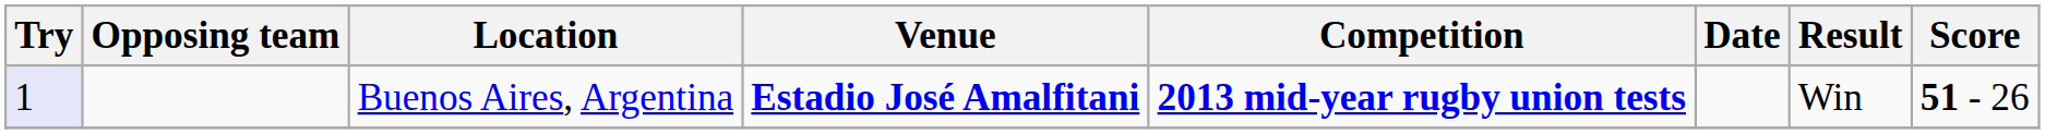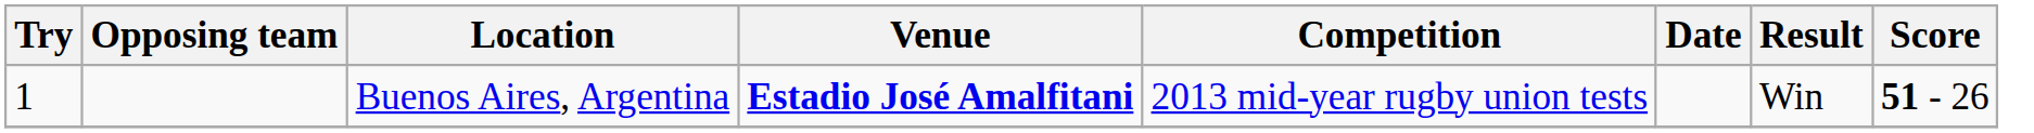 <table class="wikitable" style="font-size:100%">
 <tr>
 <th>Try</th>
 <th>Opposing team</th>
 <th>Location</th>
 <th>Venue</th>
 <th>Competition</th>
 <th>Date</th>
 <th>Result</th>
 <th>Score</th>
 </tr>
 <tr>
-<td style="background: lavender;">1</td>
+<td>1</td>
 <td></td>
 <td><a href='#'>Buenos Aires</a>, <a href='#'>Argentina</a></td>
 <td><strong><a href='#'>Estadio José Amalfitani</a></strong></td>
-<td><strong><a href='#'>2013 mid-year rugby union tests</a></strong></td>
+<td><a href='#'>2013 mid-year rugby union tests</a></td>
 <td></td>
 <td>Win</td>
 <td><strong>51</strong> - 26</td>
 </tr>
 <tr>
 </tr>
 </table>
